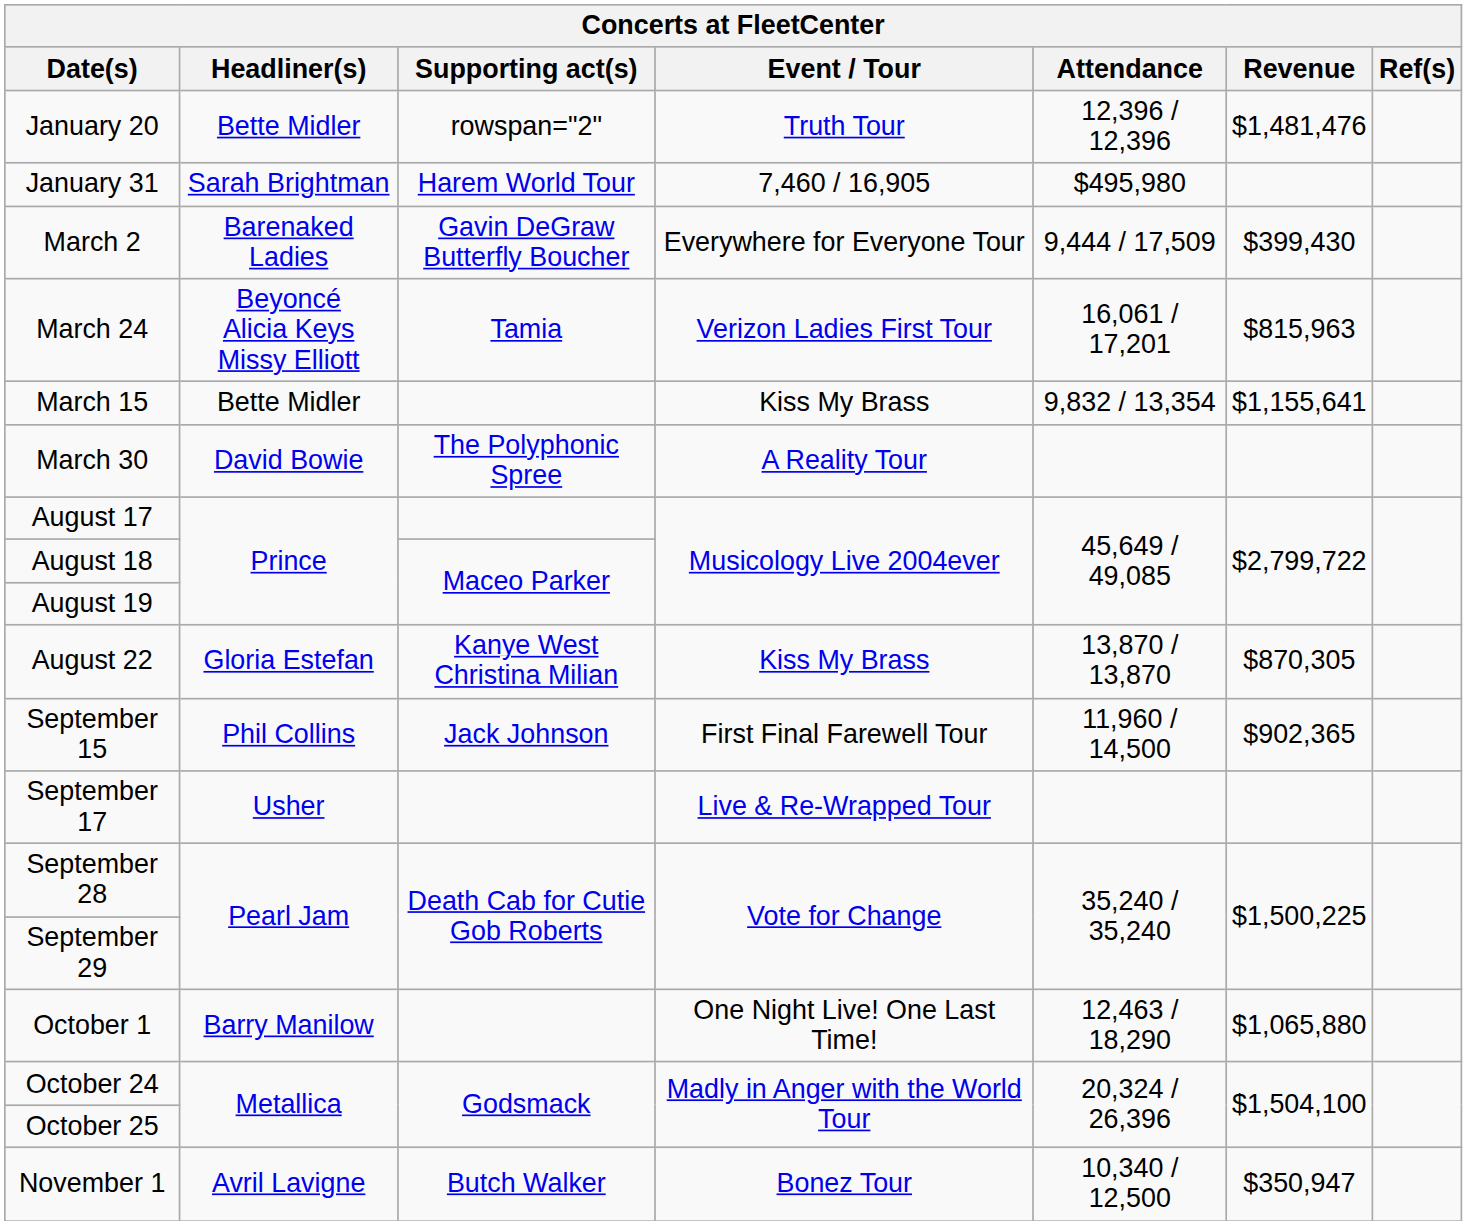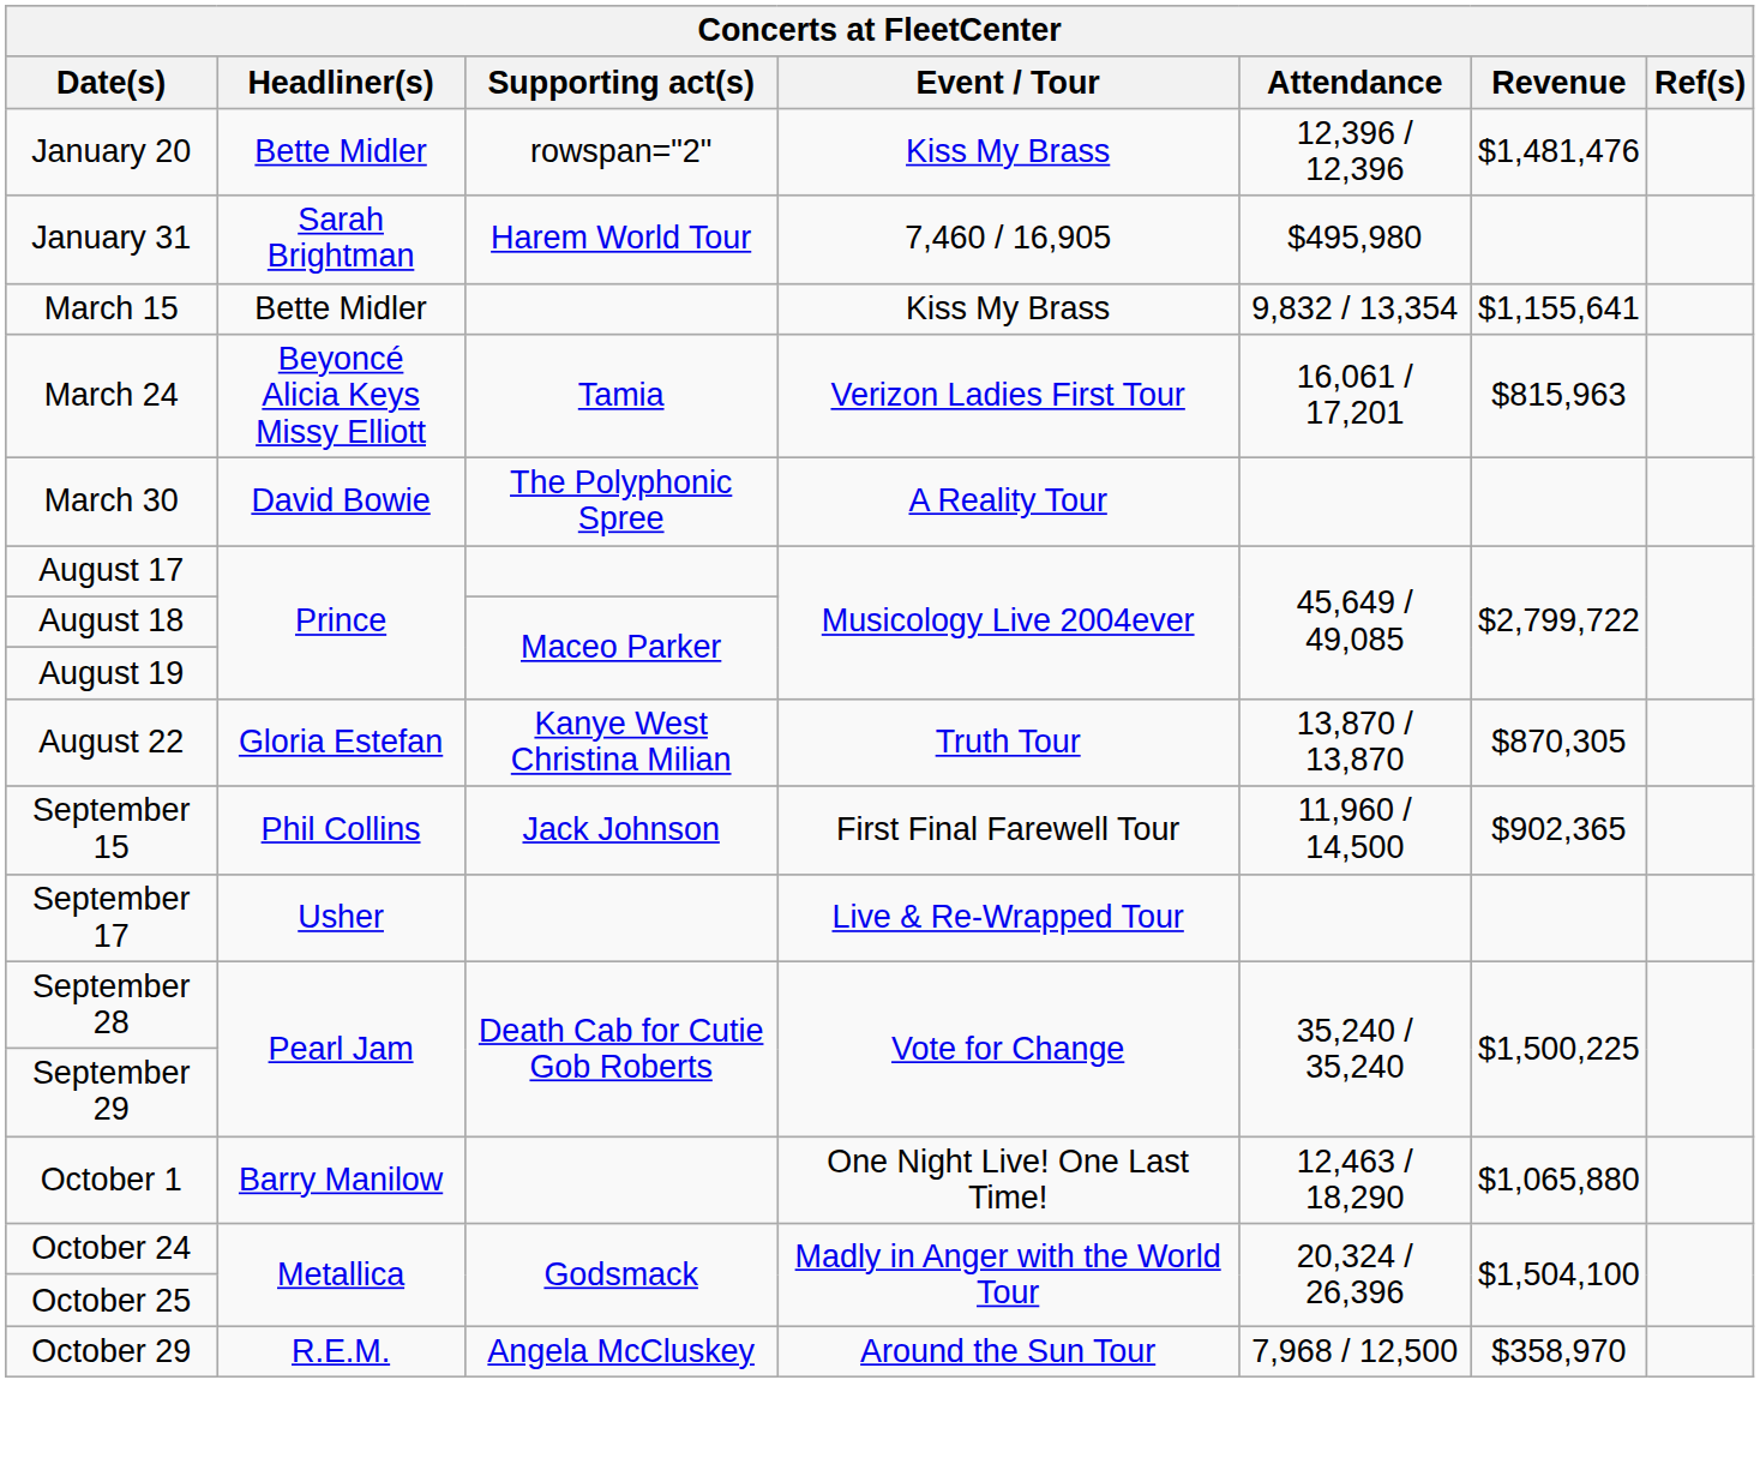 <table class="wikitable mw-collapsible mw-collapsed" style="text-align:center;">
 <tr>
 <th colspan="7">Concerts at FleetCenter</th>
 </tr>
 <tr>
 <th>Date(s)</th>
 <th>Headliner(s)</th>
 <th>Supporting act(s)</th>
 <th>Event / Tour</th>
 <th>Attendance</th>
 <th>Revenue</th>
 <th>Ref(s)</th>
 </tr>
 <tr>
 <td>January 20</td>
 <td><a href='#'>Bette Midler</a></td>
 <td>rowspan="2" </td>
-<td><a href='#'>Truth Tour</a></td>
+<td><a href='#'>Kiss My Brass</a></td>
 <td>12,396 / 12,396</td>
 <td>$1,481,476</td>
 <td></td>
 </tr>
 <tr>
 <td>January 31</td>
 <td><a href='#'>Sarah Brightman</a></td>
 <td><a href='#'>Harem World Tour</a></td>
 <td>7,460 / 16,905</td>
 <td>$495,980</td>
 <td></td>
 </tr>
 <tr>
-<td>March 2</td>
-<td><a href='#'>Barenaked Ladies</a></td>
-<td><a href='#'>Gavin DeGraw</a><br><a href='#'>Butterfly Boucher</a></td>
-<td>Everywhere for Everyone Tour</td>
-<td>9,444 / 17,509</td>
-<td>$399,430</td>
+<td>March 15</td>
+<td>Bette Midler</td>
+<td></td>
+<td>Kiss My Brass</td>
+<td>9,832 / 13,354</td>
+<td>$1,155,641</td>
 <td></td>
 </tr>
 <tr>
 <td>March 24</td>
 <td><a href='#'>Beyoncé</a><br><a href='#'>Alicia Keys</a><br><a href='#'>Missy Elliott</a></td>
 <td><a href='#'>Tamia</a></td>
 <td><a href='#'>Verizon Ladies First Tour</a></td>
 <td>16,061 / 17,201</td>
 <td>$815,963</td>
-<td></td>
-</tr>
-<tr>
-<td>March 15</td>
-<td>Bette Midler</td>
-<td></td>
-<td>Kiss My Brass</td>
-<td>9,832 / 13,354</td>
-<td>$1,155,641</td>
 <td></td>
 </tr>
 <tr>
 <td>March 30</td>
 <td><a href='#'>David Bowie</a></td>
 <td><a href='#'>The Polyphonic Spree</a></td>
 <td><a href='#'>A Reality Tour</a></td>
 <td></td>
 <td></td>
 <td></td>
 </tr>
 <tr>
 <td>August 17</td>
 <td rowspan="3"><a href='#'>Prince</a></td>
 <td></td>
 <td rowspan="3"><a href='#'>Musicology Live 2004ever</a></td>
 <td rowspan="3">45,649 / 49,085</td>
 <td rowspan="3">$2,799,722</td>
 <td rowspan="3"></td>
 </tr>
 <tr>
 <td>August 18</td>
 <td rowspan="2"><a href='#'>Maceo Parker</a></td>
 </tr>
 <tr>
 <td>August 19</td>
 </tr>
 <tr>
 <td>August 22</td>
 <td><a href='#'>Gloria Estefan</a></td>
 <td><a href='#'>Kanye West</a><br><a href='#'>Christina Milian</a></td>
-<td><a href='#'>Kiss My Brass</a></td>
+<td><a href='#'>Truth Tour</a></td>
 <td>13,870 / 13,870</td>
 <td>$870,305</td>
 <td></td>
 </tr>
 <tr>
 <td>September 15</td>
 <td><a href='#'>Phil Collins</a></td>
 <td><a href='#'>Jack Johnson</a></td>
 <td>First Final Farewell Tour</td>
 <td>11,960 / 14,500</td>
 <td>$902,365</td>
 <td></td>
 </tr>
 <tr>
 <td>September 17</td>
 <td><a href='#'>Usher</a></td>
 <td></td>
 <td><a href='#'>Live & Re-Wrapped Tour</a></td>
 <td></td>
 <td></td>
 <td></td>
 </tr>
 <tr>
 <td>September 28</td>
 <td rowspan="2"><a href='#'>Pearl Jam</a></td>
 <td rowspan="2"><a href='#'>Death Cab for Cutie</a><br><a href='#'>Gob Roberts</a></td>
 <td rowspan="2"><a href='#'>Vote for Change</a></td>
 <td rowspan="2">35,240 / 35,240</td>
 <td rowspan="2">$1,500,225</td>
 <td rowspan="2"></td>
 </tr>
 <tr>
 <td>September 29</td>
 </tr>
 <tr>
 <td>October 1</td>
 <td><a href='#'>Barry Manilow</a></td>
 <td></td>
 <td>One Night Live! One Last Time!</td>
 <td>12,463 / 18,290</td>
 <td>$1,065,880</td>
 <td></td>
 </tr>
 <tr>
 <td>October 24</td>
 <td rowspan="2"><a href='#'>Metallica</a></td>
 <td rowspan="2"><a href='#'>Godsmack</a></td>
 <td rowspan="2"><a href='#'>Madly in Anger with the World Tour</a></td>
 <td rowspan="2">20,324 / 26,396</td>
 <td rowspan="2">$1,504,100</td>
 <td rowspan="2"></td>
 </tr>
 <tr>
 <td>October 25</td>
 </tr>
 <tr>
-<td>November 1</td>
-<td><a href='#'>Avril Lavigne</a></td>
-<td><a href='#'>Butch Walker</a></td>
-<td><a href='#'>Bonez Tour</a></td>
-<td>10,340 / 12,500</td>
-<td>$350,947</td>
+<td>October 29</td>
+<td><a href='#'>R.E.M.</a></td>
+<td><a href='#'>Angela McCluskey</a></td>
+<td><a href='#'>Around the Sun Tour</a></td>
+<td>7,968 / 12,500</td>
+<td>$358,970</td>
 <td></td>
 </tr>
 </table>
